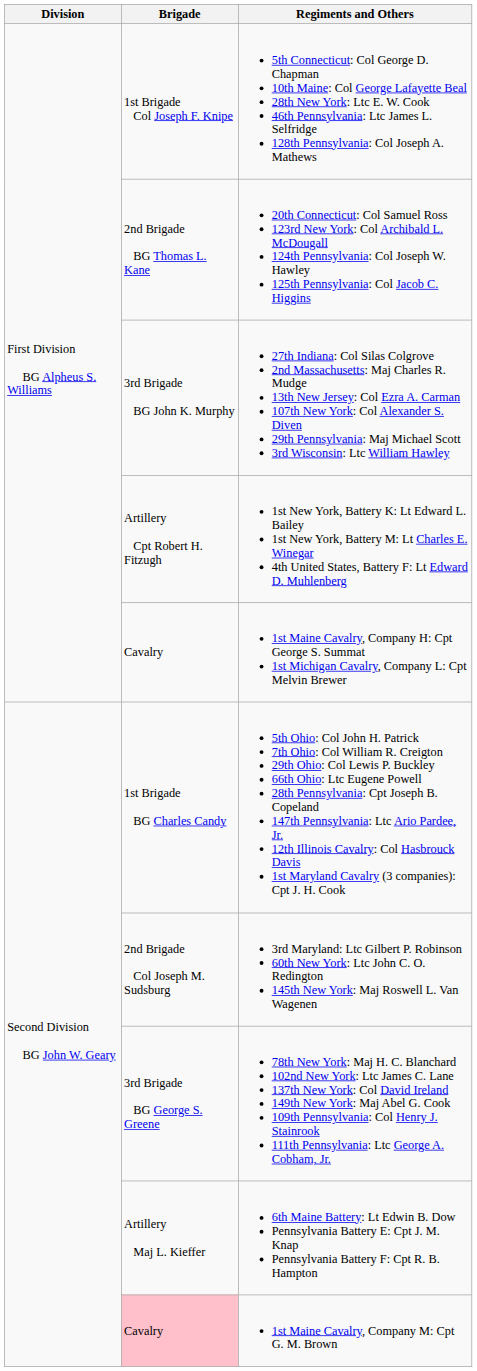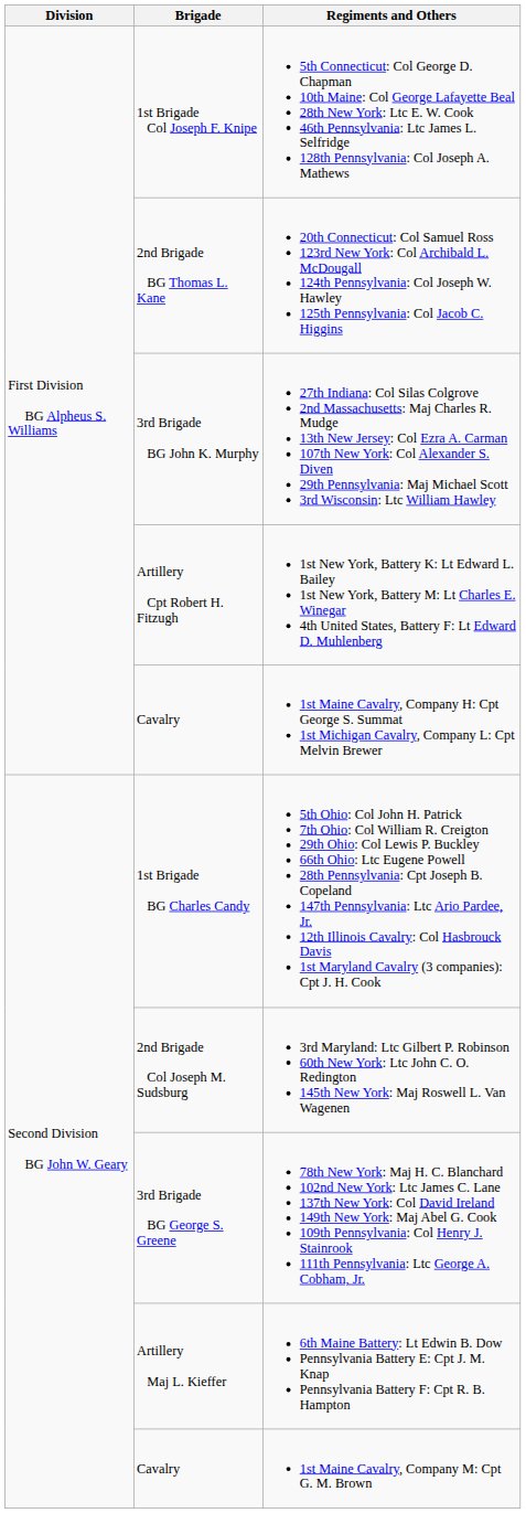 <table class="wikitable">
 <tr>
 <th width=25%>Division</th>
 <th width=25%>Brigade</th>
 <th>Regiments and Others</th>
 </tr>
 <tr>
 <td rowspan=5><br>First Division<br><br>     BG <a href='#'>Alpheus S. Williams</a></td>
 <td><br>1st Brigade <br>   Col <a href='#'>Joseph F. Knipe</a></td>
 <td><br><ul><li><a href='#'>5th Connecticut</a>: Col George D. Chapman</li><li><a href='#'>10th Maine</a>: Col <a href='#'>George Lafayette Beal</a></li><li><a href='#'>28th New York</a>: Ltc E. W. Cook</li><li><a href='#'>46th Pennsylvania</a>: Ltc James L. Selfridge</li><li><a href='#'>128th Pennsylvania</a>: Col Joseph A. Mathews</li></ul></td>
 </tr>
 <tr>
 <td>2nd Brigade<br><br>   BG <a href='#'>Thomas L. Kane</a></td>
 <td><br><ul><li><a href='#'>20th Connecticut</a>: Col Samuel Ross</li><li><a href='#'>123rd New York</a>: Col <a href='#'>Archibald L. McDougall</a></li><li><a href='#'>124th Pennsylvania</a>: Col Joseph W. Hawley</li><li><a href='#'>125th Pennsylvania</a>: Col <a href='#'>Jacob C. Higgins</a></li></ul></td>
 </tr>
 <tr>
 <td>3rd Brigade<br><br>   BG John K. Murphy</td>
 <td><br><ul><li><a href='#'>27th Indiana</a>: Col Silas Colgrove</li><li><a href='#'>2nd Massachusetts</a>: Maj Charles R. Mudge</li><li><a href='#'>13th New Jersey</a>: Col <a href='#'>Ezra A. Carman</a></li><li><a href='#'>107th New York</a>: Col <a href='#'>Alexander S. Diven</a></li><li><a href='#'>29th Pennsylvania</a>: Maj Michael Scott</li><li><a href='#'>3rd Wisconsin</a>: Ltc <a href='#'>William Hawley</a></li></ul></td>
 </tr>
 <tr>
 <td>Artillery<br><br>   Cpt Robert H. Fitzugh</td>
 <td><br><ul><li>1st New York, Battery K: Lt Edward L. Bailey</li><li>1st New York, Battery M: Lt <a href='#'>Charles E. Winegar</a></li><li>4th United States, Battery F: Lt <a href='#'>Edward D. Muhlenberg</a></li></ul></td>
 </tr>
 <tr>
 <td>Cavalry</td>
 <td><br><ul><li><a href='#'>1st Maine Cavalry</a>, Company H: Cpt George S. Summat</li><li><a href='#'>1st Michigan Cavalry</a>, Company L: Cpt Melvin Brewer</li></ul></td>
 </tr>
 <tr>
 <td rowspan=5><br>Second Division<br><br>     BG <a href='#'>John W. Geary</a></td>
 <td>1st Brigade<br><br>   BG <a href='#'>Charles Candy</a></td>
 <td><br><ul><li><a href='#'>5th Ohio</a>: Col John H. Patrick</li><li><a href='#'>7th Ohio</a>: Col William R. Creigton</li><li><a href='#'>29th Ohio</a>: Col Lewis P. Buckley</li><li><a href='#'>66th Ohio</a>: Ltc Eugene Powell</li><li><a href='#'>28th Pennsylvania</a>: Cpt Joseph B. Copeland</li><li><a href='#'>147th Pennsylvania</a>: Ltc <a href='#'>Ario Pardee, Jr.</a></li><li><a href='#'>12th Illinois Cavalry</a>: Col <a href='#'>Hasbrouck Davis</a></li><li><a href='#'>1st Maryland Cavalry</a> (3 companies): Cpt J. H. Cook</li></ul></td>
 </tr>
 <tr>
 <td>2nd Brigade<br><br>   Col Joseph M. Sudsburg</td>
 <td><br><ul><li>3rd Maryland: Ltc Gilbert P. Robinson</li><li><a href='#'>60th New York</a>: Ltc John C. O. Redington</li><li><a href='#'>145th New York</a>: Maj Roswell L. Van Wagenen</li></ul></td>
 </tr>
 <tr>
 <td>3rd Brigade<br><br>   BG <a href='#'>George S. Greene</a></td>
 <td><br><ul><li><a href='#'>78th New York</a>: Maj H. C. Blanchard</li><li><a href='#'>102nd New York</a>: Ltc James C. Lane</li><li><a href='#'>137th New York</a>: Col <a href='#'>David Ireland</a></li><li><a href='#'>149th New York</a>: Maj Abel G. Cook</li><li><a href='#'>109th Pennsylvania</a>: Col <a href='#'>Henry J. Stainrook</a></li><li><a href='#'>111th Pennsylvania</a>: Ltc <a href='#'>George A. Cobham, Jr.</a></li></ul></td>
 </tr>
 <tr>
 <td>Artillery<br><br>   Maj L. Kieffer</td>
 <td><br><ul><li><a href='#'>6th Maine Battery</a>: Lt Edwin B. Dow</li><li>Pennsylvania Battery E: Cpt J. M. Knap</li><li>Pennsylvania Battery F: Cpt R. B. Hampton</li></ul></td>
 </tr>
 <tr>
-<td style="background: pink;">Cavalry</td>
+<td>Cavalry</td>
 <td><br><ul><li><a href='#'>1st Maine Cavalry</a>, Company M: Cpt G. M. Brown</li></ul></td>
 </tr>
 </table>
